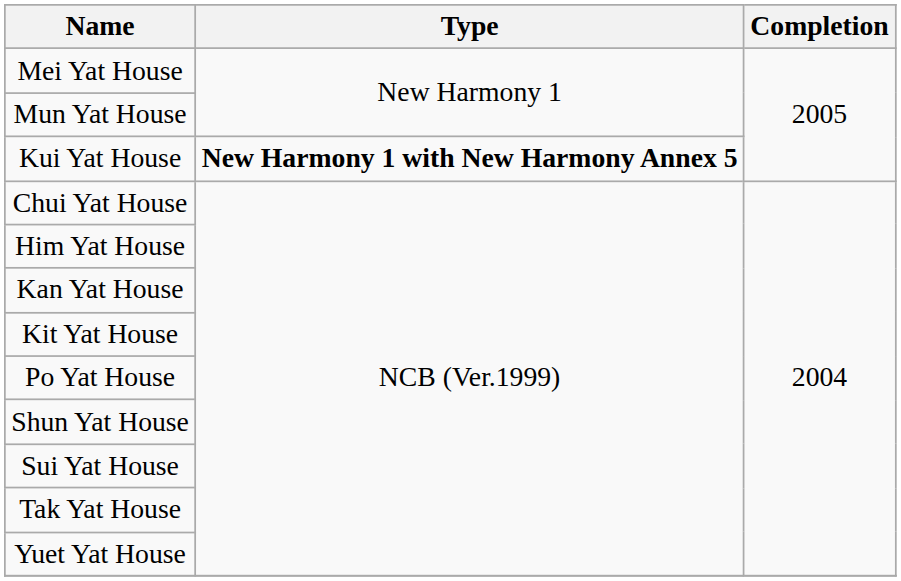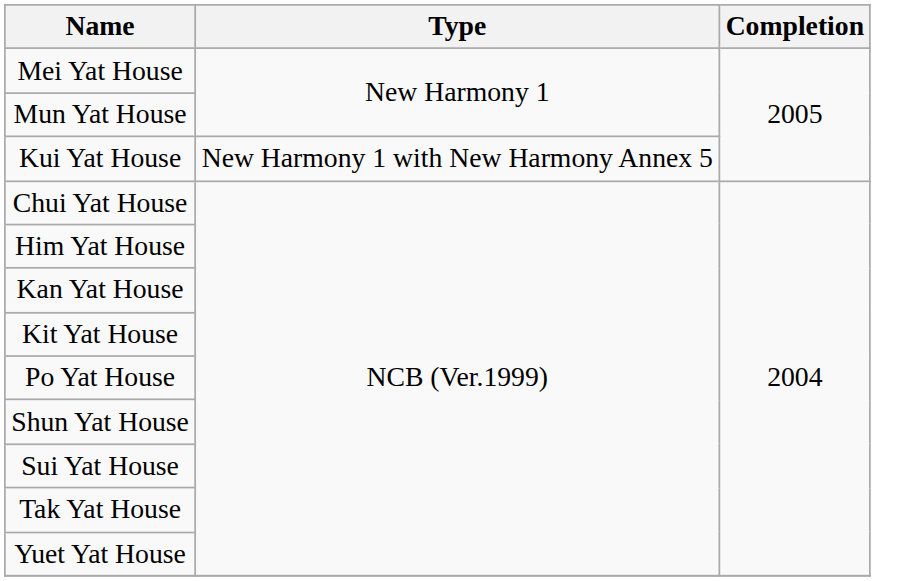 <table class="wikitable" style="text-align: center">
 <tr>
 <th>Name</th>
 <th>Type</th>
 <th>Completion</th>
 </tr>
 <tr>
 <td>Mei Yat House</td>
 <td rowspan="2">New Harmony 1</td>
 <td rowspan="3">2005</td>
 </tr>
 <tr>
 <td>Mun Yat House</td>
 </tr>
 <tr>
 <td>Kui Yat House</td>
-<td><strong>New Harmony 1 with New Harmony Annex 5</strong></td>
+<td>New Harmony 1 with New Harmony Annex 5</td>
 </tr>
 <tr>
 <td>Chui Yat House</td>
 <td rowspan="9">NCB (Ver.1999)</td>
 <td rowspan="9">2004</td>
 </tr>
 <tr>
 <td>Him Yat House</td>
 </tr>
 <tr>
 <td>Kan Yat House</td>
 </tr>
 <tr>
 <td>Kit Yat House</td>
 </tr>
 <tr>
 <td>Po Yat House</td>
 </tr>
 <tr>
 <td>Shun Yat House</td>
 </tr>
 <tr>
 <td>Sui Yat House</td>
 </tr>
 <tr>
 <td>Tak Yat House</td>
 </tr>
 <tr>
 <td>Yuet Yat House</td>
 </tr>
 <tr>
 </tr>
 </table>
